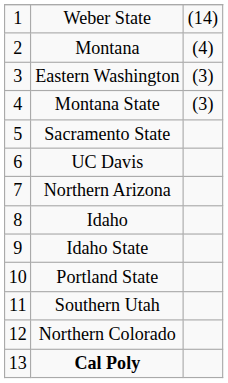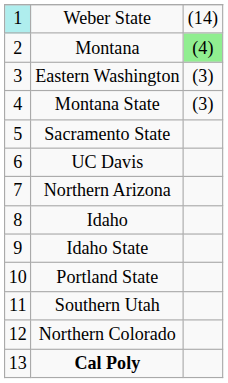 <table class="wikitable" style="display: inline-table;">
 <tr align="center">
 </tr>
 <tr align="center">
-<td>1</td>
+<td style="background: paleturquoise;">1</td>
 <td>Weber State</td>
 <td>(14)</td>
 </tr>
 <tr align="center">
 <td>2</td>
 <td>Montana</td>
-<td>(4)</td>
+<td style="background: lightgreen;">(4)</td>
 </tr>
 <tr align="center">
 <td>3</td>
 <td>Eastern Washington</td>
 <td>(3)</td>
 </tr>
 <tr align="center">
 <td>4</td>
 <td>Montana State</td>
 <td>(3)</td>
 </tr>
 <tr align="center">
 <td>5</td>
 <td>Sacramento State</td>
 <td></td>
 </tr>
 <tr align="center">
 <td>6</td>
 <td>UC Davis</td>
 <td></td>
 </tr>
 <tr align="center">
 <td>7</td>
 <td>Northern Arizona</td>
 <td></td>
 </tr>
 <tr align="center">
 <td>8</td>
 <td>Idaho</td>
 <td></td>
 </tr>
 <tr align="center">
 <td>9</td>
 <td>Idaho State</td>
 <td></td>
 </tr>
 <tr align="center">
 <td>10</td>
 <td>Portland State</td>
 <td></td>
 </tr>
 <tr align="center">
 <td>11</td>
 <td>Southern Utah</td>
 <td></td>
 </tr>
 <tr align="center">
 <td>12</td>
 <td>Northern Colorado</td>
 <td></td>
 </tr>
 <tr align="center">
 <td>13</td>
 <td><strong>Cal Poly</strong></td>
 <td></td>
 </tr>
 </table>
